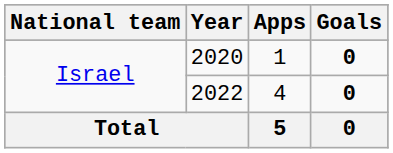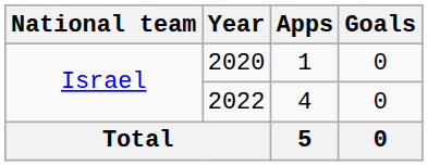 <table class="wikitable" style="text-align:center">
 <tr>
 <th>National team</th>
 <th>Year</th>
 <th>Apps</th>
 <th>Goals</th>
 </tr>
 <tr>
 <td rowspan="2"><a href='#'>Israel</a></td>
 <td>2020</td>
 <td>1</td>
-<td><strong>0</strong></td>
+<td>0</td>
 </tr>
 <tr>
 <td>2022</td>
 <td>4</td>
-<td><strong>0</strong></td>
+<td>0</td>
 </tr>
 <tr>
 <th colspan="2">Total</th>
 <th>5</th>
 <th>0</th>
 </tr>
 </table>
